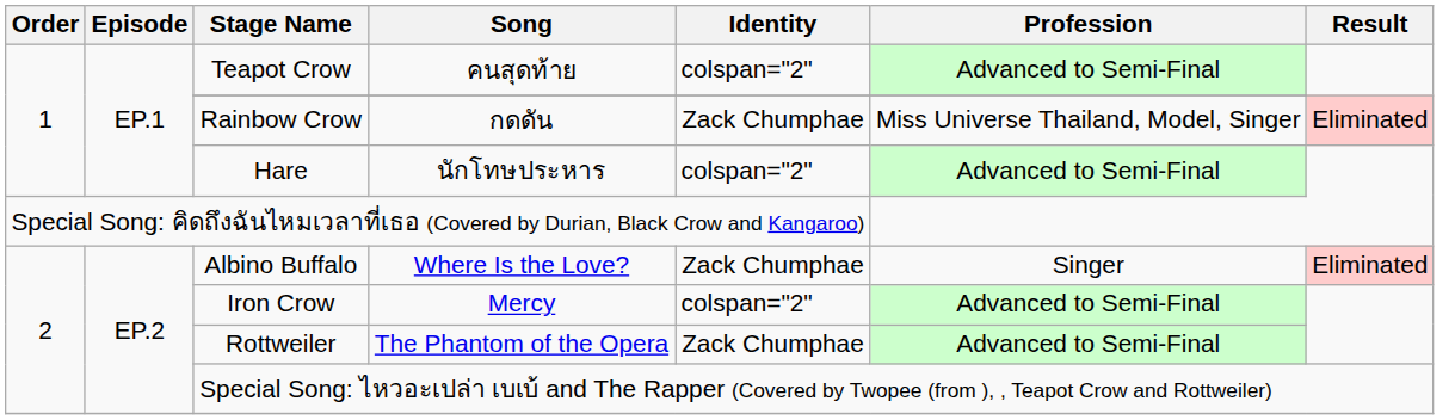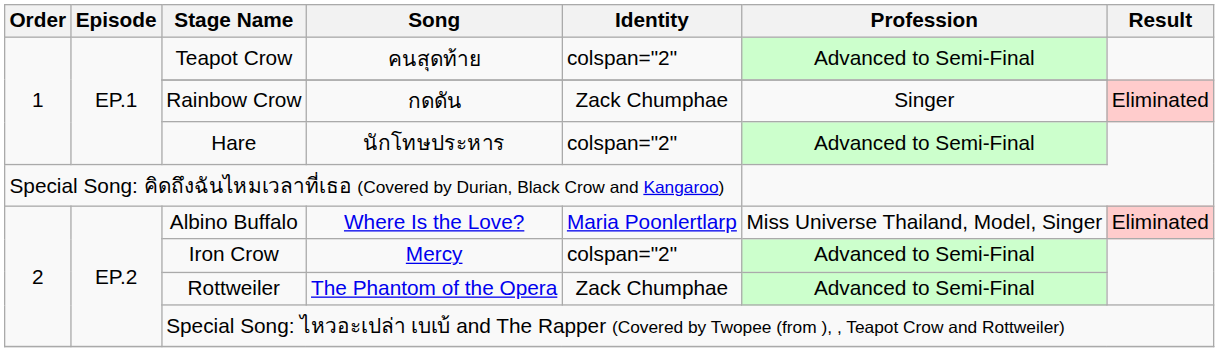 <table class="wikitable">
 <tr>
 <th>Order</th>
 <th>Episode</th>
 <th>Stage Name</th>
 <th>Song</th>
 <th>Identity</th>
 <th>Profession</th>
 <th>Result</th>
 </tr>
 <tr>
 <td rowspan="4" style="text-align:center;">1</td>
 <td rowspan="4" align="center">EP.1</td>
 <td style="text-align:center;">Teapot Crow</td>
 <td style="text-align:center;">คนสุดท้าย</td>
 <td>colspan="2"  </td>
 <td style="text-align:center; background:#ccffcc;">Advanced to Semi-Final</td>
 </tr>
 <tr>
 </tr>
 <tr>
 <td style="text-align:center;">Rainbow Crow</td>
 <td style="text-align:center;">กดดัน</td>
 <td style="text-align:center;">Zack Chumphae</td>
-<td style="text-align:center;">Miss Universe Thailand, Model, Singer</td>
+<td style="text-align:center;">Singer</td>
 <td style="text-align:center; background:#ffcccc;">Eliminated</td>
 </tr>
 <tr>
 <td style="text-align:center;">Hare</td>
 <td style="text-align:center;">นักโทษประหาร</td>
 <td>colspan="2"  </td>
 <td style="text-align:center; background:#ccffcc;">Advanced to Semi-Final</td>
 </tr>
 <tr>
 <td colspan="5">Special Song: คิดถึงฉันไหมเวลาที่เธอ <small>(Covered by Durian, Black Crow and <a href='#'>Kangaroo</a>)</small></td>
 </tr>
 <tr>
 <td rowspan="4" style="text-align:center;">2</td>
 <td rowspan="4" align="center">EP.2</td>
 <td style="text-align:center;">Albino Buffalo</td>
 <td style="text-align:center;"><a href='#'>Where Is the Love?</a></td>
-<td style="text-align:center;">Zack Chumphae</td>
-<td style="text-align:center;">Singer</td>
+<td style="text-align:center;"><a href='#'>Maria Poonlertlarp</a></td>
+<td style="text-align:center;">Miss Universe Thailand, Model, Singer</td>
 <td style="text-align:center; background:#ffcccc;">Eliminated</td>
 </tr>
 <tr>
 <td style="text-align:center;">Iron Crow</td>
 <td style="text-align:center;"><a href='#'>Mercy</a></td>
 <td>colspan="2"  </td>
 <td style="text-align:center; background:#ccffcc;">Advanced to Semi-Final</td>
 </tr>
 <tr>
 <td style="text-align:center;">Rottweiler</td>
 <td style="text-align:center;"><a href='#'>The Phantom of the Opera</a></td>
 <td style="text-align:center;">Zack Chumphae</td>
 <td style="text-align:center; background:#ccffcc;">Advanced to Semi-Final</td>
 </tr>
 <tr>
 <td colspan="5">Special Song: ไหวอะเปล่า เบเบ้ and The Rapper <small>(Covered by Twopee (from ), , Teapot Crow and Rottweiler)</small></td>
 </tr>
 <tr>
 </tr>
 </table>
